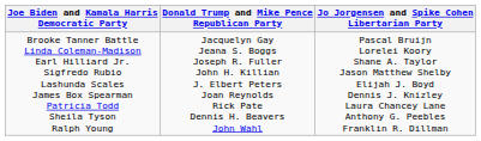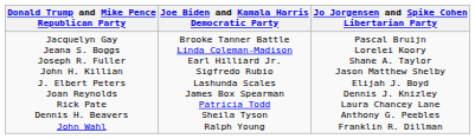 <table class="wikitable" style="font-size:90%;text-align:center;">
 <tr>
+<th><a href='#'>Donald Trump</a> and <a href='#'>Mike Pence</a><br><a href='#'>Republican Party</a></th>
 <th><a href='#'>Joe Biden</a> and <a href='#'>Kamala Harris</a><br><a href='#'>Democratic Party</a></th>
-<th><a href='#'>Donald Trump</a> and <a href='#'>Mike Pence</a><br><a href='#'>Republican Party</a></th>
 <th><a href='#'>Jo Jorgensen</a> and <a href='#'>Spike Cohen</a><br><a href='#'>Libertarian Party</a></th>
 </tr>
 <tr>
+<td>Jacquelyn Gay<br>Jeana S. Boggs<br>Joseph R. Fuller<br>John H. Killian<br>J. Elbert Peters<br>Joan Reynolds<br>Rick Pate<br>Dennis H. Beavers<br><a href='#'>John Wahl</a></td>
 <td>Brooke Tanner Battle<br><a href='#'>Linda Coleman-Madison</a><br>Earl Hilliard Jr.<br>Sigfredo Rubio<br>Lashunda Scales<br>James Box Spearman<br><a href='#'>Patricia Todd</a><br>Sheila Tyson<br>Ralph Young</td>
-<td>Jacquelyn Gay<br>Jeana S. Boggs<br>Joseph R. Fuller<br>John H. Killian<br>J. Elbert Peters<br>Joan Reynolds<br>Rick Pate<br>Dennis H. Beavers<br><a href='#'>John Wahl</a></td>
 <td>Pascal Bruijn<br>Lorelei Koory<br>Shane A. Taylor<br>Jason Matthew Shelby<br>Elijah J. Boyd<br>Dennis J. Knizley<br>Laura Chancey Lane<br>Anthony G. Peebles<br>Franklin R. Dillman</td>
 </tr>
 </table>
